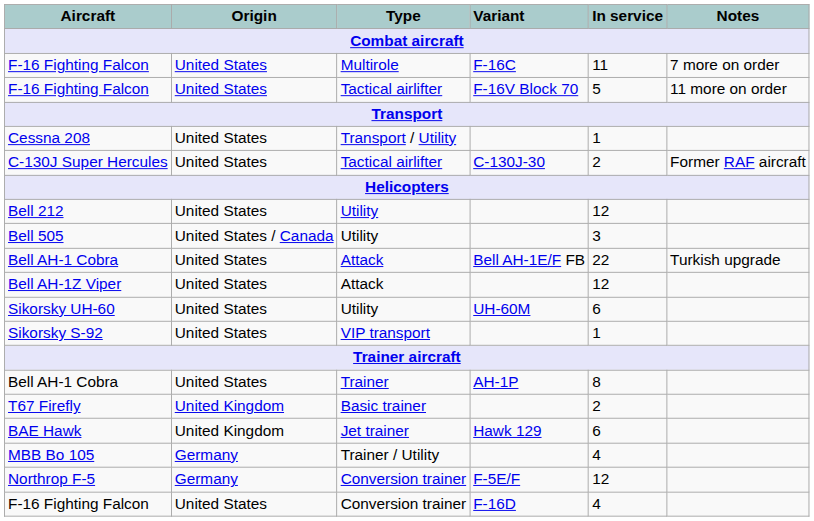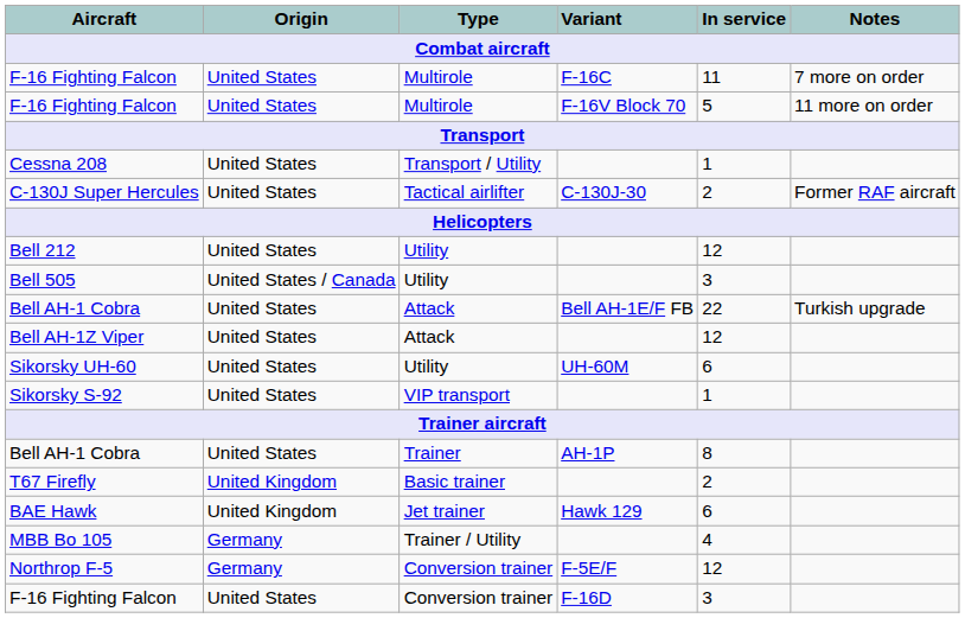 <table class="wikitable">
 <tr>
 <th style="text-align:center; background:#acc;">Aircraft</th>
 <th style="text-align: center; background:#acc;">Origin</th>
 <th style="text-align:l center; background:#acc;">Type</th>
 <th style="text-align:left; background:#acc;">Variant</th>
 <th style="text-align:center; background:#acc;">In service</th>
 <th style="text-align: center; background:#acc;">Notes</th>
 </tr>
 <tr>
 <th style="align: center; background: lavender;" colspan="7"><a href='#'>Combat aircraft</a></th>
 </tr>
 <tr>
 <td><a href='#'>F-16 Fighting Falcon</a></td>
 <td><a href='#'>United States</a></td>
 <td><a href='#'>Multirole</a></td>
 <td><a href='#'>F-16C</a></td>
 <td>11</td>
 <td>7 more on order</td>
 </tr>
 <tr>
 <td><a href='#'>F-16 Fighting Falcon</a></td>
 <td><a href='#'>United States</a></td>
-<td><a href='#'>Tactical airlifter</a></td>
+<td><a href='#'>Multirole</a></td>
 <td><a href='#'>F-16V Block 70</a></td>
 <td>5</td>
 <td>11 more on order</td>
 </tr>
 <tr>
 <th style="align: center; background: lavender;" colspan="7"><a href='#'>Transport</a></th>
 </tr>
 <tr>
 <td><a href='#'>Cessna 208</a></td>
 <td>United States</td>
 <td><a href='#'>Transport</a> / <a href='#'>Utility</a></td>
 <td></td>
 <td>1</td>
 <td></td>
 </tr>
 <tr>
 <td><a href='#'>C-130J Super Hercules</a></td>
 <td>United States</td>
 <td><a href='#'>Tactical airlifter</a></td>
 <td><a href='#'>C-130J-30</a></td>
 <td>2</td>
 <td>Former <a href='#'>RAF</a> aircraft</td>
 </tr>
 <tr>
 <th style="align: center; background: lavender;" colspan="7"><a href='#'>Helicopters</a></th>
 </tr>
 <tr>
 <td><a href='#'>Bell 212</a></td>
 <td>United States</td>
 <td><a href='#'>Utility</a></td>
 <td></td>
 <td>12</td>
 <td></td>
 </tr>
 <tr>
 <td><a href='#'>Bell 505</a></td>
 <td>United States / <a href='#'>Canada</a></td>
 <td>Utility</td>
 <td></td>
 <td>3</td>
 <td></td>
 </tr>
 <tr>
 <td><a href='#'>Bell AH-1 Cobra</a></td>
 <td>United States</td>
 <td><a href='#'>Attack</a></td>
 <td><a href='#'>Bell AH-1E/F</a> FB</td>
 <td>22</td>
 <td>Turkish upgrade</td>
 </tr>
 <tr>
 <td><a href='#'>Bell AH-1Z Viper</a></td>
 <td>United States</td>
 <td>Attack</td>
 <td></td>
 <td>12</td>
 <td></td>
 </tr>
 <tr>
 <td><a href='#'>Sikorsky UH-60</a></td>
 <td>United States</td>
 <td>Utility</td>
 <td><a href='#'>UH-60M</a></td>
 <td>6</td>
 <td></td>
 </tr>
 <tr>
 <td><a href='#'>Sikorsky S-92</a></td>
 <td>United States</td>
 <td><a href='#'>VIP transport</a></td>
 <td></td>
 <td>1</td>
 <td></td>
 </tr>
 <tr>
 <th style="align: center; background: lavender;" colspan="7"><a href='#'>Trainer aircraft</a></th>
 </tr>
 <tr>
 <td>Bell AH-1 Cobra</td>
 <td>United States</td>
 <td><a href='#'>Trainer</a></td>
 <td><a href='#'>AH-1P</a></td>
 <td>8</td>
 <td></td>
 </tr>
 <tr>
 <td><a href='#'>T67 Firefly</a></td>
 <td><a href='#'>United Kingdom</a></td>
 <td><a href='#'>Basic trainer</a></td>
 <td></td>
 <td>2</td>
 <td></td>
 </tr>
 <tr>
 <td><a href='#'>BAE Hawk</a></td>
 <td>United Kingdom</td>
 <td><a href='#'>Jet trainer</a></td>
 <td><a href='#'>Hawk 129</a></td>
 <td>6</td>
 <td></td>
 </tr>
 <tr>
 <td><a href='#'>MBB Bo 105</a></td>
 <td><a href='#'>Germany</a></td>
 <td>Trainer / Utility</td>
 <td></td>
 <td>4</td>
 <td></td>
 </tr>
 <tr>
 <td><a href='#'>Northrop F-5</a></td>
 <td><a href='#'>Germany</a></td>
 <td><a href='#'>Conversion trainer</a></td>
 <td><a href='#'>F-5E/F</a></td>
 <td>12</td>
 <td></td>
 </tr>
 <tr>
 <td>F-16 Fighting Falcon</td>
 <td>United States</td>
 <td>Conversion trainer</td>
 <td><a href='#'>F-16D</a></td>
-<td>4</td>
+<td>3</td>
 <td></td>
 </tr>
 </table>
